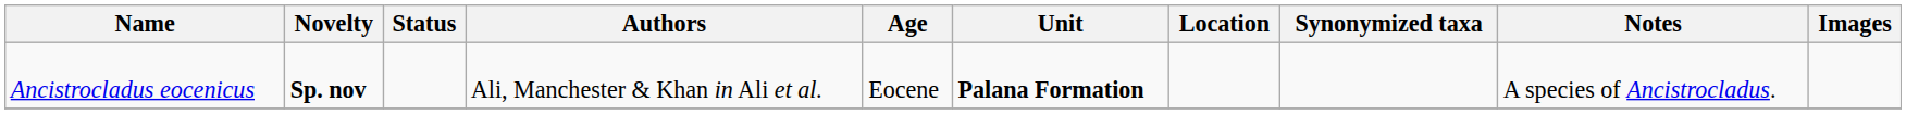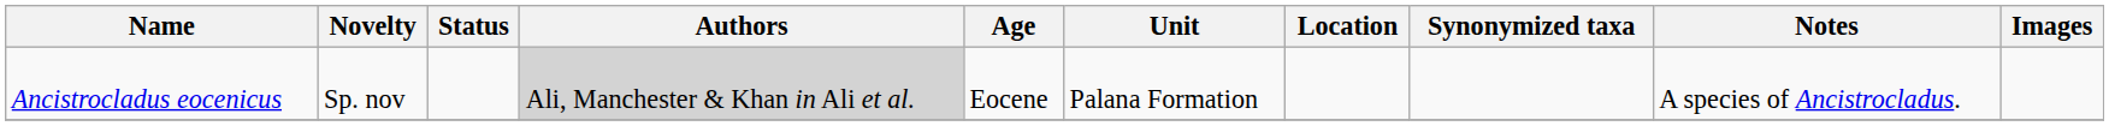 <table class="wikitable sortable" align="center" width="100%">
 <tr>
 <th>Name</th>
 <th>Novelty</th>
 <th>Status</th>
 <th>Authors</th>
 <th>Age</th>
 <th>Unit</th>
 <th>Location</th>
 <th>Synonymized taxa</th>
 <th>Notes</th>
 <th>Images</th>
 </tr>
 <tr>
 <td><br><em><a href='#'>Ancistrocladus eocenicus</a></em></td>
-<td><strong><br>Sp. nov</strong></td>
+<td><br>Sp. nov</td>
 <td></td>
-<td><br>Ali, Manchester & Khan <em>in</em> Ali <em>et al.</em></td>
+<td style="background: lightgrey;"><br>Ali, Manchester & Khan <em>in</em> Ali <em>et al.</em></td>
 <td><br>Eocene</td>
-<td><strong><br>Palana Formation</strong></td>
+<td><br>Palana Formation</td>
 <td><br></td>
 <td></td>
 <td><br>A species of <em><a href='#'>Ancistrocladus</a></em>.</td>
 <td></td>
 </tr>
 <tr>
 </tr>
 </table>
